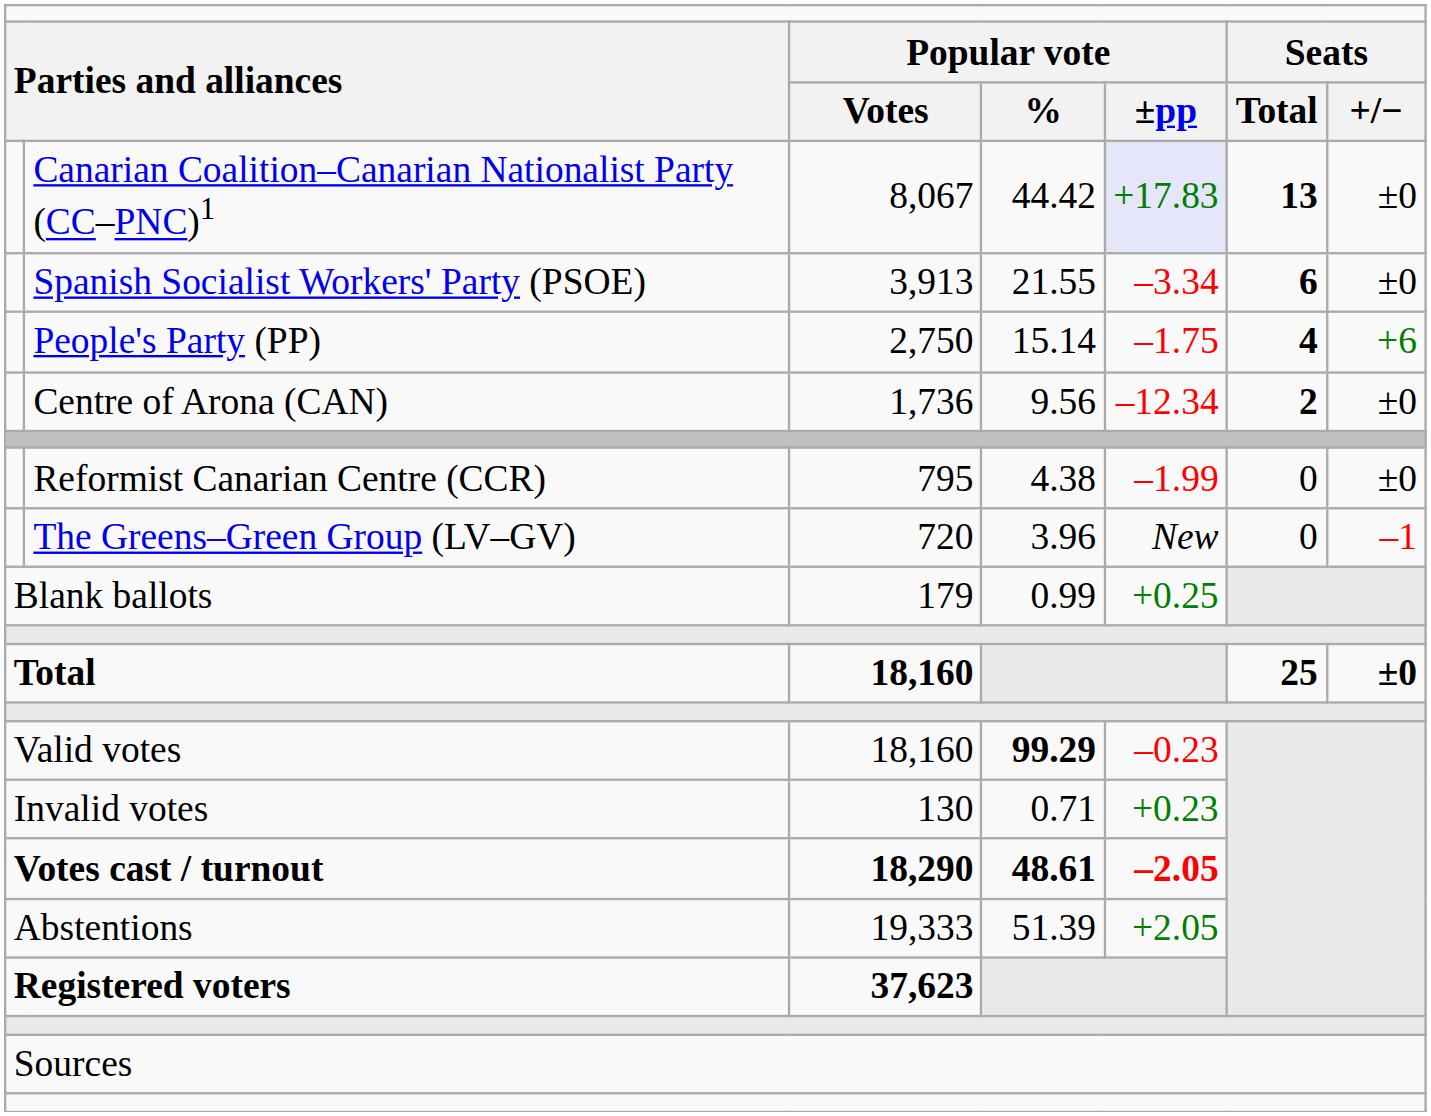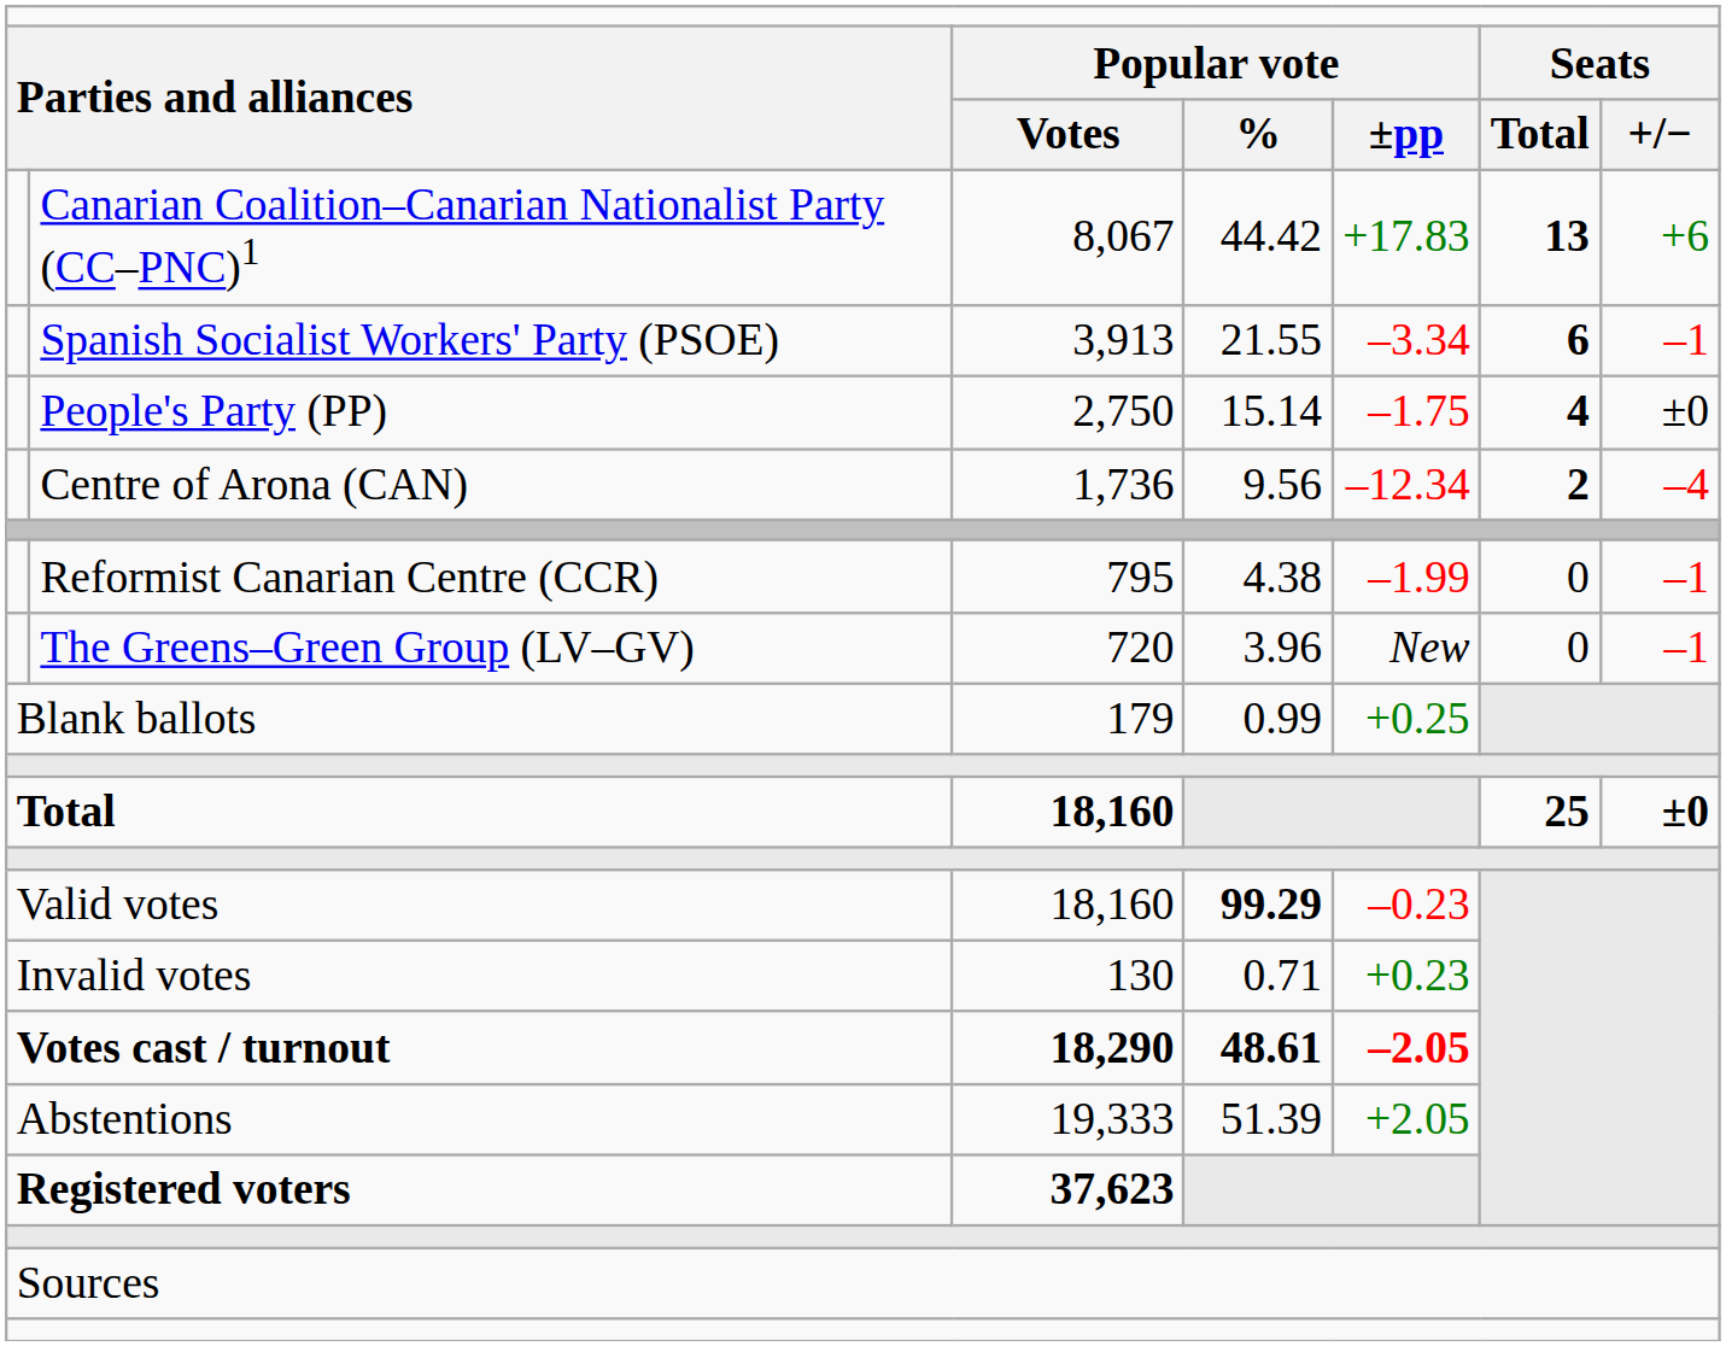 <table class="wikitable" style="text-align:right;">
 <tr>
 <td colspan="7"></td>
 </tr>
 <tr>
 <th style="text-align:left;" rowspan="2" colspan="2" width="525">Parties and alliances</th>
 <th colspan="3">Popular vote</th>
 <th colspan="2">Seats</th>
 </tr>
 <tr>
 <th width="75">Votes</th>
 <th width="45">%</th>
 <th width="45">±<a href='#'>pp</a></th>
 <th width="35">Total</th>
 <th width="35">+/−</th>
 </tr>
 <tr>
 <td width="1" style="color:inherit;background:"></td>
 <td align="left"><a href='#'>Canarian Coalition–Canarian Nationalist Party</a> (<a href='#'>CC</a>–<a href='#'>PNC</a>)<sup>1</sup></td>
 <td>8,067</td>
 <td>44.42</td>
-<td style="background: lavender; color:green;">+17.83</td>
+<td style="color:green;">+17.83</td>
 <td><strong>13</strong></td>
-<td>±0</td>
+<td style="color:green;">+6</td>
 </tr>
 <tr>
 <td style="color:inherit;background:"></td>
 <td align="left"><a href='#'>Spanish Socialist Workers' Party</a> (PSOE)</td>
 <td>3,913</td>
 <td>21.55</td>
 <td style="color:red;">–3.34</td>
 <td><strong>6</strong></td>
-<td>±0</td>
+<td style="color:red;">–1</td>
 </tr>
 <tr>
 <td style="color:inherit;background:"></td>
 <td align="left"><a href='#'>People's Party</a> (PP)</td>
 <td>2,750</td>
 <td>15.14</td>
 <td style="color:red;">–1.75</td>
 <td><strong>4</strong></td>
-<td style="color:green;">+6</td>
+<td>±0</td>
 </tr>
 <tr>
 <td style="color:inherit;background:"></td>
 <td align="left">Centre of Arona (CAN)</td>
 <td>1,736</td>
 <td>9.56</td>
 <td style="color:red;">–12.34</td>
 <td><strong>2</strong></td>
-<td>±0</td>
+<td style="color:red;">–4</td>
 </tr>
 <tr>
 <td colspan="7" style="color:inherit;background:#C0C0C0"></td>
 </tr>
 <tr>
 <td style="color:inherit;background:"></td>
 <td align="left">Reformist Canarian Centre (CCR)</td>
 <td>795</td>
 <td>4.38</td>
 <td style="color:red;">–1.99</td>
 <td>0</td>
-<td>±0</td>
+<td style="color:red;">–1</td>
 </tr>
 <tr>
 <td style="color:inherit;background:"></td>
 <td align="left"><a href='#'>The Greens–Green Group</a> (LV–GV)</td>
 <td>720</td>
 <td>3.96</td>
 <td><em>New</em></td>
 <td>0</td>
 <td style="color:red;">–1</td>
 </tr>
 <tr>
 <td align="left" colspan="2">Blank ballots</td>
 <td>179</td>
 <td>0.99</td>
 <td style="color:green;">+0.25</td>
 <td style="color:inherit;background:#E9E9E9" colspan="2"></td>
 </tr>
 <tr>
 <td colspan="7" style="color:inherit;background:#E9E9E9"></td>
 </tr>
 <tr style="font-weight:bold;">
 <td align="left" colspan="2">Total</td>
 <td>18,160</td>
 <td bgcolor="#E9E9E9" colspan="2"></td>
 <td>25</td>
 <td>±0</td>
 </tr>
 <tr>
 <td colspan="7" style="color:inherit;background:#E9E9E9"></td>
 </tr>
 <tr>
 <td align="left" colspan="2">Valid votes</td>
 <td>18,160</td>
 <td><strong>99.29</strong></td>
 <td style="color:red;">–0.23</td>
 <td bgcolor="#E9E9E9" colspan="2" rowspan="5"></td>
 </tr>
 <tr>
 <td align="left" colspan="2">Invalid votes</td>
 <td>130</td>
 <td>0.71</td>
 <td style="color:green;">+0.23</td>
 </tr>
 <tr style="font-weight:bold;">
 <td align="left" colspan="2">Votes cast / turnout</td>
 <td>18,290</td>
 <td>48.61</td>
 <td style="color:red;">–2.05</td>
 </tr>
 <tr>
 <td align="left" colspan="2">Abstentions</td>
 <td>19,333</td>
 <td>51.39</td>
 <td style="color:green;">+2.05</td>
 </tr>
 <tr style="font-weight:bold;">
 <td align="left" colspan="2">Registered voters</td>
 <td>37,623</td>
 <td bgcolor="#E9E9E9" colspan="2"></td>
 </tr>
 <tr>
 <td colspan="7" style="color:inherit;background:#E9E9E9"></td>
 </tr>
 <tr>
 <td align="left" colspan="7">Sources</td>
 </tr>
 <tr>
 <td colspan="7" style="text-align:left; max-width:790px;"></td>
 </tr>
 </table>
